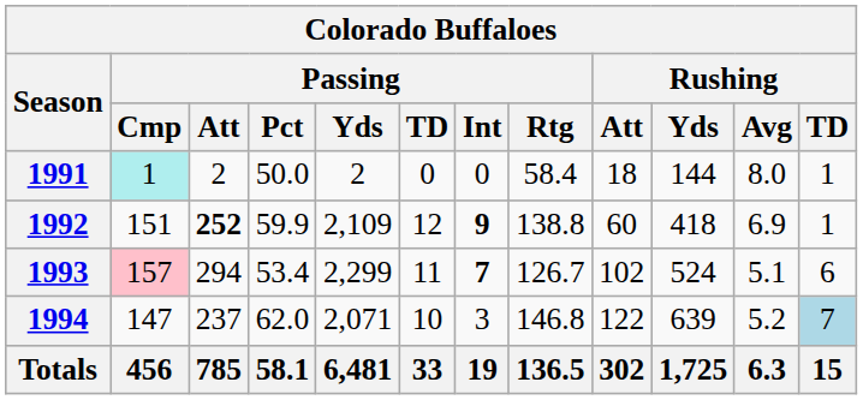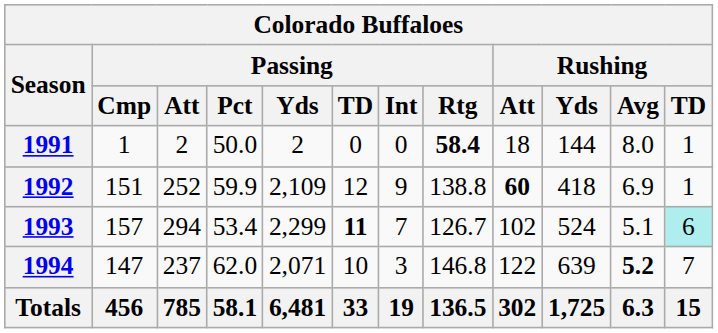 <table class=wikitable style="text-align:center;">
 <tr>
 <th colspan="15">Colorado Buffaloes</th>
 </tr>
 <tr>
 <th rowspan="2">Season</th>
 <th colspan="7">Passing</th>
 <th colspan="4">Rushing</th>
 </tr>
 <tr>
 <th>Cmp</th>
 <th>Att</th>
 <th>Pct</th>
 <th>Yds</th>
 <th>TD</th>
 <th>Int</th>
 <th>Rtg</th>
 <th>Att</th>
 <th>Yds</th>
 <th>Avg</th>
 <th>TD</th>
 </tr>
 <tr>
 <th><a href='#'>1991</a></th>
-<td style="background: paleturquoise;">1</td>
+<td>1</td>
 <td>2</td>
 <td>50.0</td>
 <td>2</td>
 <td>0</td>
 <td>0</td>
-<td>58.4</td>
+<td><strong>58.4</strong></td>
 <td>18</td>
 <td>144</td>
 <td>8.0</td>
 <td>1</td>
 </tr>
 <tr>
 <th><a href='#'>1992</a></th>
 <td>151</td>
-<td><strong>252</strong></td>
+<td>252</td>
 <td>59.9</td>
 <td>2,109</td>
 <td>12</td>
-<td><strong>9</strong></td>
+<td>9</td>
 <td>138.8</td>
-<td>60</td>
+<td><strong>60</strong></td>
 <td>418</td>
 <td>6.9</td>
 <td>1</td>
 </tr>
 <tr>
 <th><a href='#'>1993</a></th>
-<td style="background: pink;">157</td>
+<td>157</td>
 <td>294</td>
 <td>53.4</td>
 <td>2,299</td>
-<td>11</td>
-<td><strong>7</strong></td>
+<td><strong>11</strong></td>
+<td>7</td>
 <td>126.7</td>
 <td>102</td>
 <td>524</td>
 <td>5.1</td>
-<td>6</td>
+<td style="background: paleturquoise;">6</td>
 </tr>
 <tr>
 <th><a href='#'>1994</a></th>
 <td>147</td>
 <td>237</td>
 <td>62.0</td>
 <td>2,071</td>
 <td>10</td>
 <td>3</td>
 <td>146.8</td>
 <td>122</td>
 <td>639</td>
-<td>5.2</td>
-<td style="background: lightblue;">7</td>
+<td><strong>5.2</strong></td>
+<td>7</td>
 </tr>
 <tr>
 <th>Totals</th>
 <th>456</th>
 <th>785</th>
 <th>58.1</th>
 <th>6,481</th>
 <th>33</th>
 <th>19</th>
 <th>136.5</th>
 <th>302</th>
 <th>1,725</th>
 <th>6.3</th>
 <th>15</th>
 </tr>
 </table>
